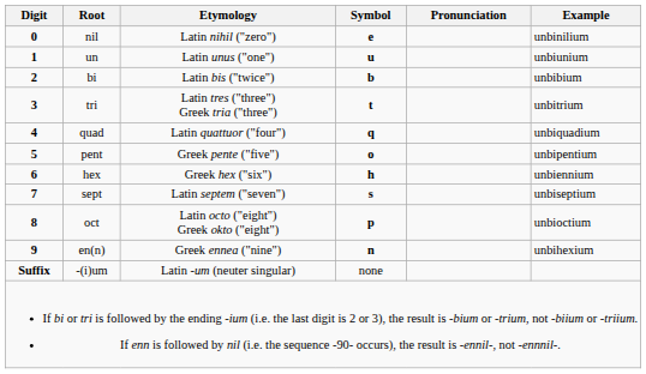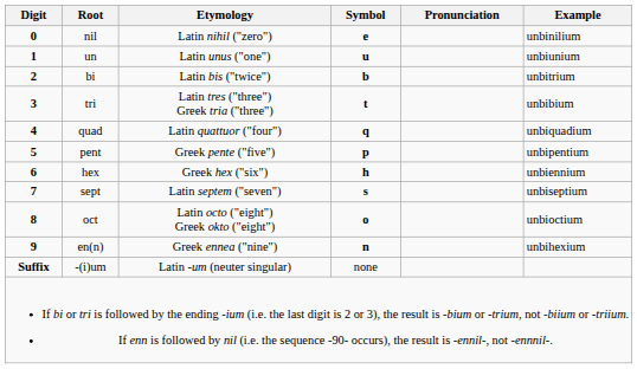 <table align="left" class="wikitable" style="margin-right: 1.5em; text-align:center; font-size:90%">
 <tr>
 <th>Digit</th>
 <th>Root</th>
 <th>Etymology</th>
 <th>Symbol</th>
 <th>Pronunciation</th>
 <th>Example</th>
 </tr>
 <tr>
 <td><strong>0</strong></td>
 <td>nil</td>
 <td>Latin <em>nihil</em> ("zero")</td>
 <td><strong>e</strong></td>
 <td></td>
 <td style="text-align:left;">unbinilium</td>
 </tr>
 <tr>
 <td><strong>1</strong></td>
 <td>un</td>
 <td>Latin <em>unus</em> ("one")</td>
 <td><strong>u</strong></td>
 <td></td>
 <td style="text-align:left;">unbiunium</td>
 </tr>
 <tr>
 <td><strong>2</strong></td>
 <td>bi</td>
 <td>Latin <em>bis</em> ("twice")</td>
 <td><strong>b</strong></td>
 <td></td>
-<td style="text-align:left;">unbibium</td>
+<td style="text-align:left;">unbitrium</td>
 </tr>
 <tr>
 <td><strong>3</strong></td>
 <td>tri</td>
 <td>Latin <em>tres</em> ("three")<br>Greek <em>tria</em> ("three")</td>
 <td><strong>t</strong></td>
 <td></td>
-<td style="text-align:left;">unbitrium</td>
+<td style="text-align:left;">unbibium</td>
 </tr>
 <tr>
 <td><strong>4</strong></td>
 <td>quad</td>
 <td>Latin <em>quattuor</em> ("four")</td>
 <td><strong>q</strong></td>
 <td></td>
 <td style="text-align:left;">unbiquadium</td>
 </tr>
 <tr>
 <td><strong>5</strong></td>
 <td>pent</td>
 <td>Greek <em>pente</em> ("five")</td>
-<td><strong>o</strong></td>
+<td><strong>p</strong></td>
 <td></td>
 <td style="text-align:left;">unbipentium</td>
 </tr>
 <tr>
 <td><strong>6</strong></td>
 <td>hex</td>
 <td>Greek <em>hex</em> ("six")</td>
 <td><strong>h</strong></td>
 <td></td>
 <td style="text-align:left;">unbiennium</td>
 </tr>
 <tr>
 <td><strong>7</strong></td>
 <td>sept</td>
 <td>Latin <em>septem</em> ("seven")</td>
 <td><strong>s</strong></td>
 <td></td>
 <td style="text-align:left;">unbiseptium</td>
 </tr>
 <tr>
 <td><strong>8</strong></td>
 <td>oct</td>
 <td>Latin <em>octo</em> ("eight")<br>Greek <em>okto</em> ("eight")</td>
-<td><strong>p</strong></td>
+<td><strong>o</strong></td>
 <td></td>
 <td style="text-align:left;">unbioctium</td>
 </tr>
 <tr>
 <td><strong>9</strong></td>
 <td>en(n)</td>
 <td>Greek <em>ennea</em> ("nine")</td>
 <td><strong>n</strong></td>
 <td></td>
 <td style="text-align:left;">unbihexium</td>
 </tr>
 <tr>
 <td><strong>Suffix</strong></td>
 <td>-(i)um</td>
 <td>Latin <em>-um</em> (neuter singular)</td>
 <td>none</td>
 <td></td>
 </tr>
 <tr>
 <td colspan=7><br><ul><li>If <em>bi</em> or <em>tri</em> is followed by the ending <em>-ium</em> (i.e. the last digit is 2 or 3), the result is <em>-bium</em> or <em>-trium</em>, not <em>-biium</em> or <em>-triium</em>.</li></ul><ul><li>If <em>enn</em> is followed by <em>nil</em> (i.e. the sequence -90- occurs), the result is <em>-ennil-</em>, not <em>-ennnil-</em>.</li></ul></td>
 </tr>
 </table>
